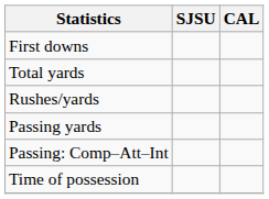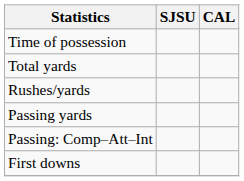 <table class="wikitable" style="float: left;">
 <tr>
 <th>Statistics</th>
 <th>SJSU</th>
 <th>CAL</th>
 </tr>
 <tr>
-<td>First downs</td>
+<td>Time of possession</td>
 <td></td>
 <td></td>
 </tr>
 <tr>
 <td>Total yards</td>
 <td></td>
 <td></td>
 </tr>
 <tr>
 <td>Rushes/yards</td>
 <td></td>
 <td></td>
 </tr>
 <tr>
 <td>Passing yards</td>
 <td></td>
 <td></td>
 </tr>
 <tr>
 <td>Passing: Comp–Att–Int</td>
 <td></td>
 <td></td>
 </tr>
 <tr>
-<td>Time of possession</td>
+<td>First downs</td>
 <td></td>
 <td></td>
 </tr>
 <tr>
 </tr>
 </table>
